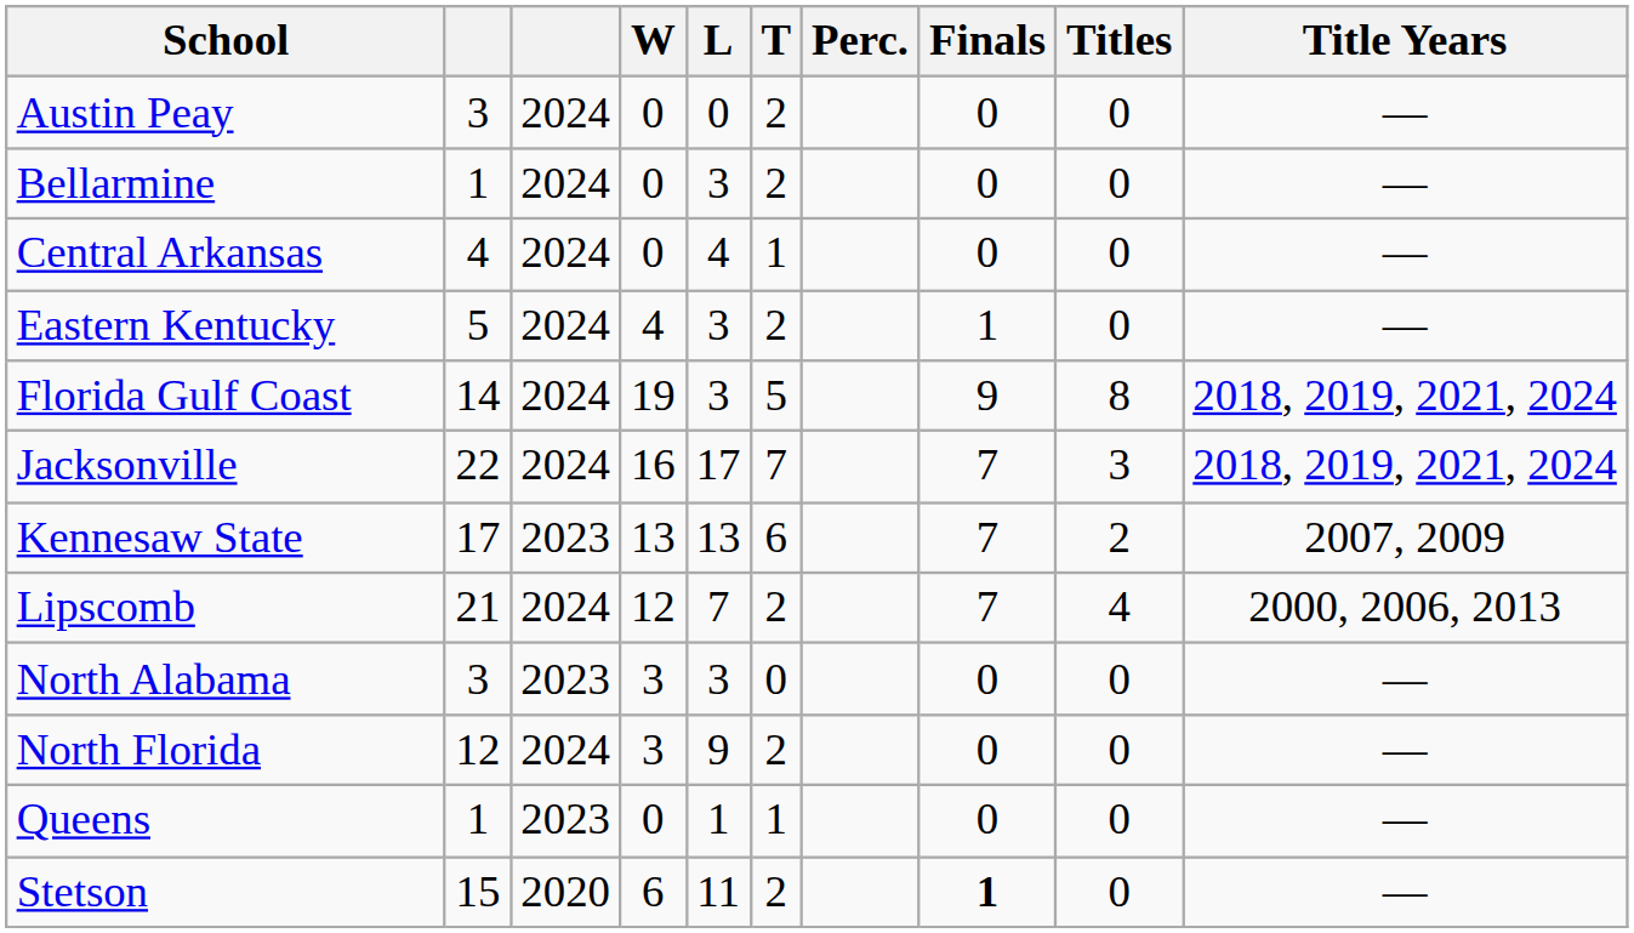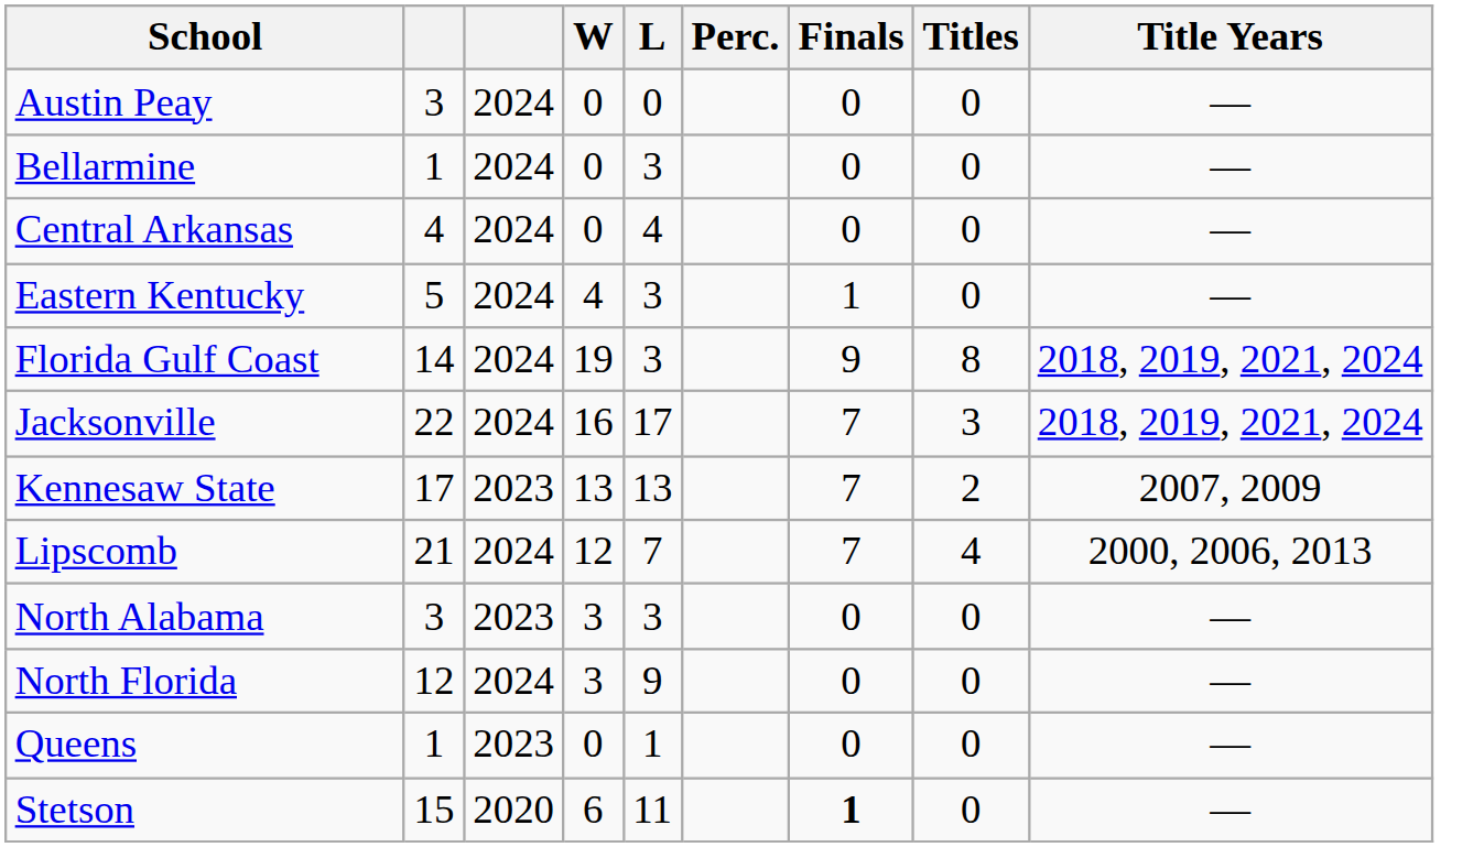 <table class="wikitable sortable" style="text-align:center; font-size: %">
 <tr>
 <th width=150px>School</th>
 <th width=px></th>
 <th width=px></th>
 <th width=px>W</th>
 <th width=px>L</th>
-<th width=px>T</th>
 <th width=px>Perc.</th>
 <th width=px>Finals</th>
 <th width=px>Titles</th>
 <th width=px>Title Years</th>
 </tr>
 <tr>
 <td align=left><a href='#'>Austin Peay</a></td>
 <td>3</td>
 <td>2024</td>
 <td>0</td>
 <td>0</td>
-<td>2</td>
 <td></td>
 <td>0</td>
 <td>0</td>
 <td>—</td>
 </tr>
 <tr>
 <td align=left><a href='#'>Bellarmine</a></td>
 <td>1</td>
 <td>2024</td>
 <td>0</td>
 <td>3</td>
-<td>2</td>
 <td></td>
 <td>0</td>
 <td>0</td>
 <td>—</td>
 </tr>
 <tr>
 <td align=left><a href='#'>Central Arkansas</a></td>
 <td>4</td>
 <td>2024</td>
 <td>0</td>
 <td>4</td>
-<td>1</td>
 <td></td>
 <td>0</td>
 <td>0</td>
 <td>—</td>
 </tr>
 <tr>
 <td align=left><a href='#'>Eastern Kentucky</a></td>
 <td>5</td>
 <td>2024</td>
 <td>4</td>
 <td>3</td>
-<td>2</td>
 <td></td>
 <td>1</td>
 <td>0</td>
 <td>—</td>
 </tr>
 <tr>
 <td align=left><a href='#'>Florida Gulf Coast</a></td>
 <td>14</td>
 <td>2024</td>
 <td>19</td>
 <td>3</td>
-<td>5</td>
 <td></td>
 <td>9</td>
 <td>8</td>
 <td><a href='#'>2018</a>, <a href='#'>2019</a>, <a href='#'>2021</a>, <a href='#'>2024</a></td>
 </tr>
 <tr>
 <td align=left><a href='#'>Jacksonville</a></td>
 <td>22</td>
 <td>2024</td>
 <td>16</td>
 <td>17</td>
-<td>7</td>
 <td></td>
 <td>7</td>
 <td>3</td>
 <td><a href='#'>2018</a>, <a href='#'>2019</a>, <a href='#'>2021</a>, <a href='#'>2024</a></td>
 </tr>
 <tr>
 <td align=left><a href='#'>Kennesaw State</a></td>
 <td>17</td>
 <td>2023</td>
 <td>13</td>
 <td>13</td>
-<td>6</td>
 <td></td>
 <td>7</td>
 <td>2</td>
 <td>2007, 2009</td>
 </tr>
 <tr>
 <td align=left><a href='#'>Lipscomb</a></td>
 <td>21</td>
 <td>2024</td>
 <td>12</td>
 <td>7</td>
-<td>2</td>
 <td></td>
 <td>7</td>
 <td>4</td>
 <td>2000, 2006, 2013</td>
 </tr>
 <tr>
 <td align=left><a href='#'>North Alabama</a></td>
 <td>3</td>
 <td>2023</td>
 <td>3</td>
 <td>3</td>
-<td>0</td>
 <td></td>
 <td>0</td>
 <td>0</td>
 <td>—</td>
 </tr>
 <tr>
 <td align=left><a href='#'>North Florida</a></td>
 <td>12</td>
 <td>2024</td>
 <td>3</td>
 <td>9</td>
-<td>2</td>
 <td></td>
 <td>0</td>
 <td>0</td>
 <td>—</td>
 </tr>
 <tr>
 <td align=left><a href='#'>Queens</a></td>
 <td>1</td>
 <td>2023</td>
 <td>0</td>
-<td>1</td>
 <td>1</td>
 <td></td>
 <td>0</td>
 <td>0</td>
 <td>—</td>
 </tr>
 <tr>
 <td align=left><a href='#'>Stetson</a></td>
 <td>15</td>
 <td>2020</td>
 <td>6</td>
 <td>11</td>
-<td>2</td>
 <td></td>
 <td><strong>1</strong></td>
 <td>0</td>
 <td>—</td>
 </tr>
 </table>
